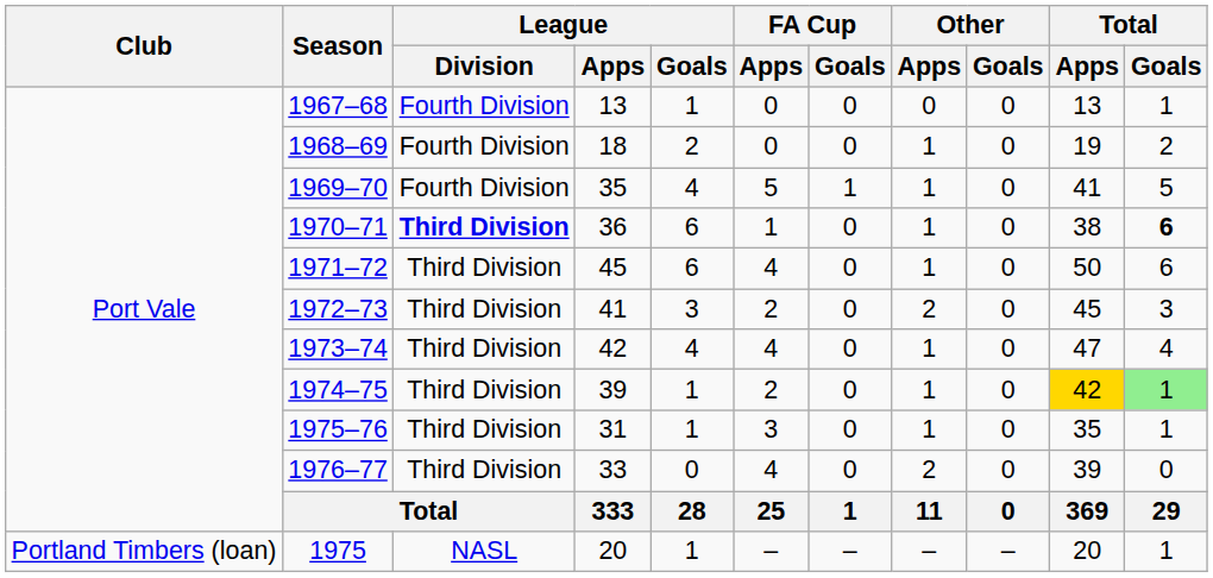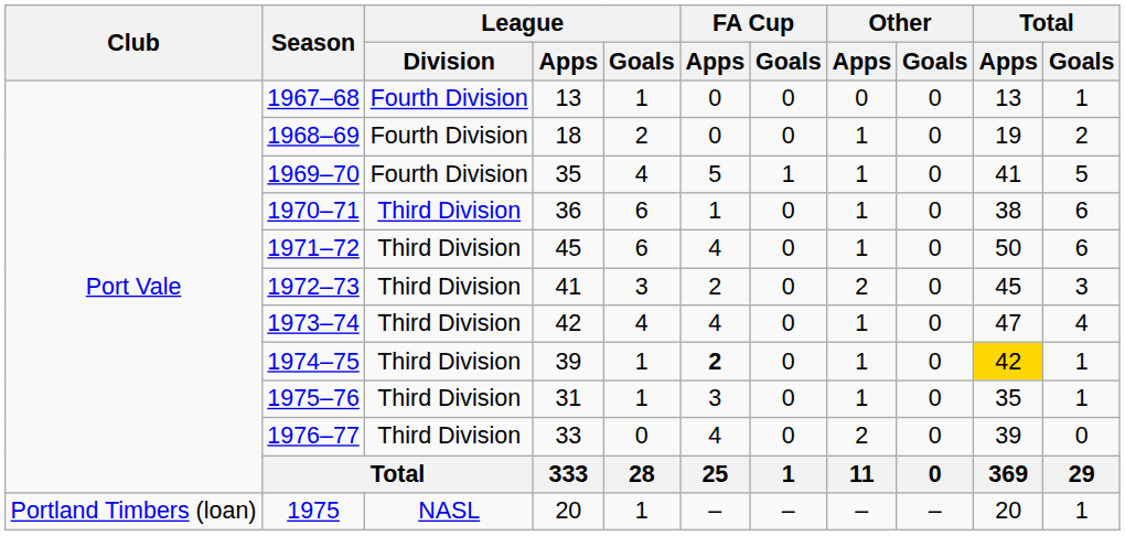 <table class="wikitable" style="text-align: center;">
 <tr>
 <th rowspan="2">Club</th>
 <th rowspan="2">Season</th>
 <th colspan="3">League</th>
 <th colspan="2">FA Cup</th>
 <th colspan="2">Other</th>
 <th colspan="2">Total</th>
 </tr>
 <tr>
 <th>Division</th>
 <th>Apps</th>
 <th>Goals</th>
 <th>Apps</th>
 <th>Goals</th>
 <th>Apps</th>
 <th>Goals</th>
 <th>Apps</th>
 <th>Goals</th>
 </tr>
 <tr>
 <td rowspan="11"><a href='#'>Port Vale</a></td>
 <td><a href='#'>1967–68</a></td>
 <td><a href='#'>Fourth Division</a></td>
 <td>13</td>
 <td>1</td>
 <td>0</td>
 <td>0</td>
 <td>0</td>
 <td>0</td>
 <td>13</td>
 <td>1</td>
 </tr>
 <tr>
 <td><a href='#'>1968–69</a></td>
 <td>Fourth Division</td>
 <td>18</td>
 <td>2</td>
 <td>0</td>
 <td>0</td>
 <td>1</td>
 <td>0</td>
 <td>19</td>
 <td>2</td>
 </tr>
 <tr>
 <td><a href='#'>1969–70</a></td>
 <td>Fourth Division</td>
 <td>35</td>
 <td>4</td>
 <td>5</td>
 <td>1</td>
 <td>1</td>
 <td>0</td>
 <td>41</td>
 <td>5</td>
 </tr>
 <tr>
 <td><a href='#'>1970–71</a></td>
-<td><strong><a href='#'>Third Division</a></strong></td>
+<td><a href='#'>Third Division</a></td>
 <td>36</td>
 <td>6</td>
 <td>1</td>
 <td>0</td>
 <td>1</td>
 <td>0</td>
 <td>38</td>
-<td><strong>6</strong></td>
+<td>6</td>
 </tr>
 <tr>
 <td><a href='#'>1971–72</a></td>
 <td>Third Division</td>
 <td>45</td>
 <td>6</td>
 <td>4</td>
 <td>0</td>
 <td>1</td>
 <td>0</td>
 <td>50</td>
 <td>6</td>
 </tr>
 <tr>
 <td><a href='#'>1972–73</a></td>
 <td>Third Division</td>
 <td>41</td>
 <td>3</td>
 <td>2</td>
 <td>0</td>
 <td>2</td>
 <td>0</td>
 <td>45</td>
 <td>3</td>
 </tr>
 <tr>
 <td><a href='#'>1973–74</a></td>
 <td>Third Division</td>
 <td>42</td>
 <td>4</td>
 <td>4</td>
 <td>0</td>
 <td>1</td>
 <td>0</td>
 <td>47</td>
 <td>4</td>
 </tr>
 <tr>
 <td><a href='#'>1974–75</a></td>
 <td>Third Division</td>
 <td>39</td>
 <td>1</td>
-<td>2</td>
+<td><strong>2</strong></td>
 <td>0</td>
 <td>1</td>
 <td>0</td>
 <td style="background: gold;">42</td>
-<td style="background: lightgreen;">1</td>
+<td>1</td>
 </tr>
 <tr>
 <td><a href='#'>1975–76</a></td>
 <td>Third Division</td>
 <td>31</td>
 <td>1</td>
 <td>3</td>
 <td>0</td>
 <td>1</td>
 <td>0</td>
 <td>35</td>
 <td>1</td>
 </tr>
 <tr>
 <td><a href='#'>1976–77</a></td>
 <td>Third Division</td>
 <td>33</td>
 <td>0</td>
 <td>4</td>
 <td>0</td>
 <td>2</td>
 <td>0</td>
 <td>39</td>
 <td>0</td>
 </tr>
 <tr>
 <th colspan="2">Total</th>
 <th>333</th>
 <th>28</th>
 <th>25</th>
 <th>1</th>
 <th>11</th>
 <th>0</th>
 <th>369</th>
 <th>29</th>
 </tr>
 <tr>
 <td><a href='#'>Portland Timbers</a> (loan)</td>
 <td><a href='#'>1975</a></td>
 <td><a href='#'>NASL</a></td>
 <td>20</td>
 <td>1</td>
 <td>–</td>
 <td>–</td>
 <td>–</td>
 <td>–</td>
 <td>20</td>
 <td>1</td>
 </tr>
 </table>
